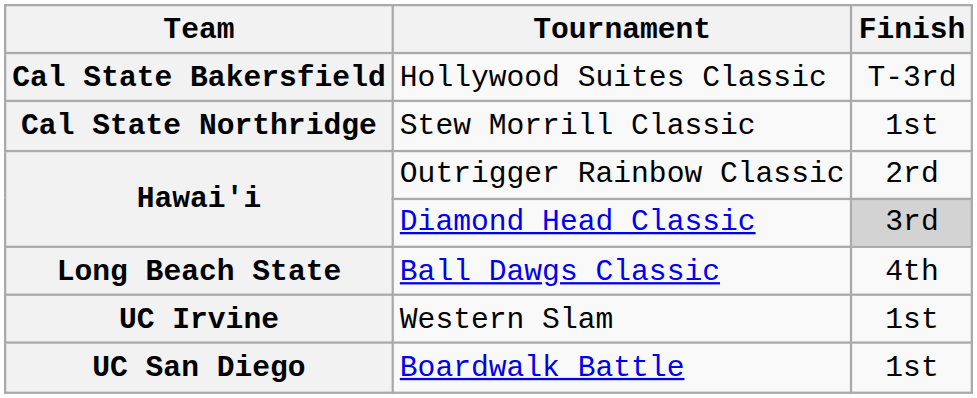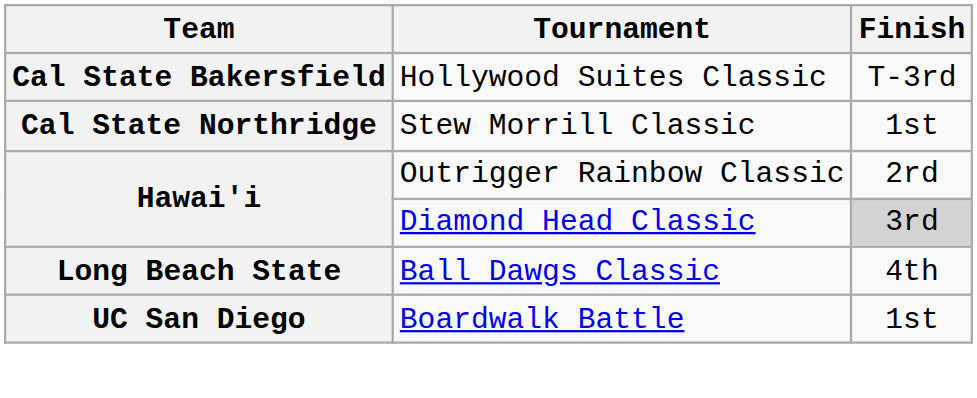 <table class="wikitable">
 <tr>
 <th>Team</th>
 <th>Tournament</th>
 <th>Finish</th>
 </tr>
 <tr>
 <th>Cal State Bakersfield</th>
 <td>Hollywood Suites Classic</td>
 <td align=center>T-3rd</td>
 </tr>
 <tr>
 <th>Cal State Northridge</th>
 <td>Stew Morrill Classic</td>
 <td align=center>1st</td>
 </tr>
 <tr>
 <th rowspan=2>Hawai'i</th>
 <td>Outrigger Rainbow Classic</td>
 <td align=center>2rd</td>
 </tr>
 <tr>
 <td><a href='#'>Diamond Head Classic</a></td>
 <td align=center style="background: lightgrey;">3rd</td>
 </tr>
 <tr>
 <th>Long Beach State</th>
 <td><a href='#'>Ball Dawgs Classic</a></td>
 <td align=center>4th</td>
 </tr>
 <tr>
-<th>UC Irvine</th>
-<td>Western Slam</td>
-<td align=center>1st</td>
-</tr>
-<tr>
 <th>UC San Diego</th>
 <td><a href='#'>Boardwalk Battle</a></td>
 <td align=center>1st</td>
 </tr>
 </table>
